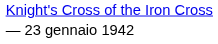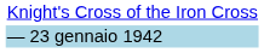 <table>
 <tr>
 <td rowspan=2 style="width:60px; vertical-align:top;"></td>
 <td><a href='#'>Knight's Cross of the Iron Cross</a></td>
 </tr>
 <tr>
-<td>— 23 gennaio 1942</td>
+<td style="background: lightblue;">— 23 gennaio 1942</td>
 </tr>
 </table>
